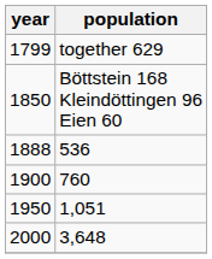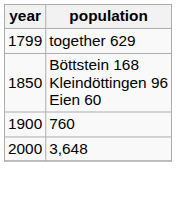 <table class="wikitable">
 <tr>
 <th>year</th>
 <th>population</th>
 </tr>
 <tr>
 <td>1799</td>
 <td>together 629</td>
 </tr>
 <tr>
 <td>1850</td>
 <td>Böttstein 168<br>Kleindöttingen 96 <br> Eien 60</td>
 </tr>
 <tr>
-<td>1888</td>
-<td>536</td>
-</tr>
-<tr>
 <td>1900</td>
 <td>760</td>
-</tr>
-<tr>
-<td>1950</td>
-<td>1,051</td>
 </tr>
 <tr>
 <td>2000</td>
 <td>3,648</td>
 </tr>
 <tr>
 </tr>
 </table>
